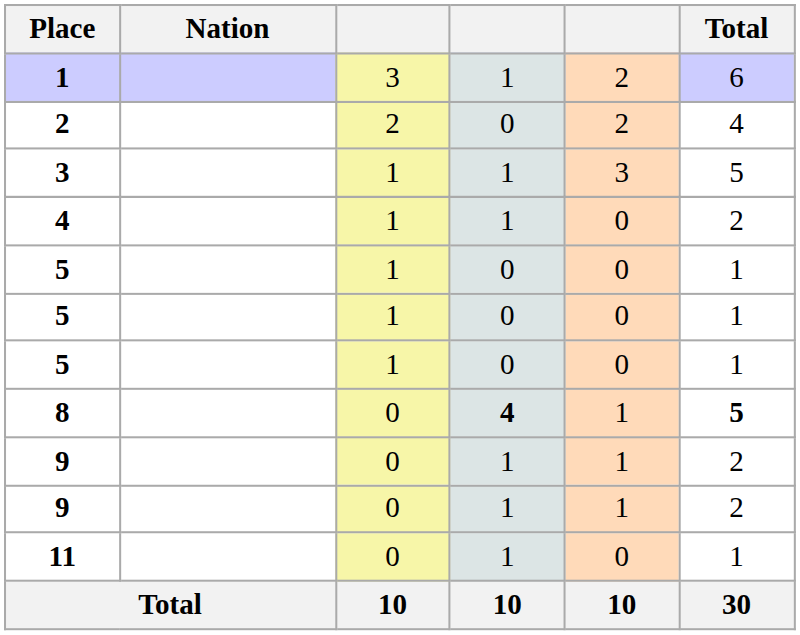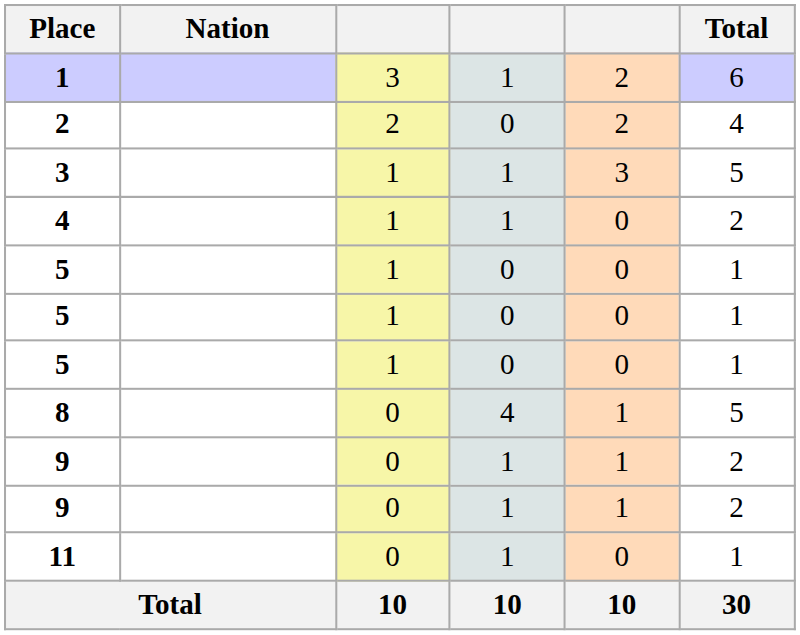 <table class=wikitable style="border:1px solid #AAAAAA;font-size:90%">
 <tr bgcolor="#EFEFEF">
 <th width=50>Place</th>
 <th width=100>Nation</th>
 <th width=50></th>
 <th width=50></th>
 <th width=50></th>
 <th width=50>Total</th>
 </tr>
 <tr align="center" valign="top" bgcolor="#CCCCFF">
 <td><strong>1</strong></td>
 <td align="left"></td>
 <td style="background:#F7F6A8;">3</td>
 <td style="background:#DCE5E5;">1</td>
 <td style="background:#FFDAB9;">2</td>
 <td>6</td>
 </tr>
 <tr>
 </tr>
 <tr align="center" valign="top" bgcolor="#FFFFFF">
 <td><strong>2</strong></td>
 <td align="left"></td>
 <td style="background:#F7F6A8;">2</td>
 <td style="background:#DCE5E5;">0</td>
 <td style="background:#FFDAB9;">2</td>
 <td>4</td>
 </tr>
 <tr align="center" valign="top" bgcolor="#FFFFFF">
 <td><strong>3</strong></td>
 <td align="left"></td>
 <td style="background:#F7F6A8;">1</td>
 <td style="background:#DCE5E5;">1</td>
 <td style="background:#FFDAB9;">3</td>
 <td>5</td>
 </tr>
 <tr>
 </tr>
 <tr align="center" valign="top" bgcolor="#FFFFFF">
 <td><strong>4</strong></td>
 <td align="left"></td>
 <td style="background:#F7F6A8;">1</td>
 <td style="background:#DCE5E5;">1</td>
 <td style="background:#FFDAB9;">0</td>
 <td>2</td>
 </tr>
 <tr align="center" valign="top" bgcolor="#FFFFFF">
 <td><strong>5</strong></td>
 <td align="left"></td>
 <td style="background:#F7F6A8;">1</td>
 <td style="background:#DCE5E5;">0</td>
 <td style="background:#FFDAB9;">0</td>
 <td>1</td>
 </tr>
 <tr align="center" valign="top" bgcolor="#FFFFFF">
 <td><strong>5</strong></td>
 <td align="left"></td>
 <td style="background:#F7F6A8;">1</td>
 <td style="background:#DCE5E5;">0</td>
 <td style="background:#FFDAB9;">0</td>
 <td>1</td>
 </tr>
 <tr align="center" valign="top" bgcolor="#FFFFFF">
 <td><strong>5</strong></td>
 <td align="left"></td>
 <td style="background:#F7F6A8;">1</td>
 <td style="background:#DCE5E5;">0</td>
 <td style="background:#FFDAB9;">0</td>
 <td>1</td>
 </tr>
 <tr align="center" valign="top" bgcolor="#FFFFFF">
 <td><strong>8</strong></td>
 <td align="left"></td>
 <td style="background:#F7F6A8;">0</td>
-<td style="background:#DCE5E5;"><strong>4</strong></td>
+<td style="background:#DCE5E5;">4</td>
 <td style="background:#FFDAB9;">1</td>
-<td><strong>5</strong></td>
+<td>5</td>
 </tr>
 <tr align="center" valign="top" bgcolor="#FFFFFF">
 <td><strong>9</strong></td>
 <td align="left"></td>
 <td style="background:#F7F6A8;">0</td>
 <td style="background:#DCE5E5;">1</td>
 <td style="background:#FFDAB9;">1</td>
 <td>2</td>
 </tr>
 <tr align="center" valign="top" bgcolor="#FFFFFF">
 <td><strong>9</strong></td>
 <td align="left"></td>
 <td style="background:#F7F6A8;">0</td>
 <td style="background:#DCE5E5;">1</td>
 <td style="background:#FFDAB9;">1</td>
 <td>2</td>
 </tr>
 <tr align="center" valign="top" bgcolor="#FFFFFF">
 <td><strong>11</strong></td>
 <td align="left"></td>
 <td style="background:#F7F6A8;">0</td>
 <td style="background:#DCE5E5;">1</td>
 <td style="background:#FFDAB9;">0</td>
 <td>1</td>
 </tr>
 <tr>
 <th colspan=2>Total</th>
 <th>10</th>
 <th>10</th>
 <th>10</th>
 <th>30</th>
 </tr>
 </table>
